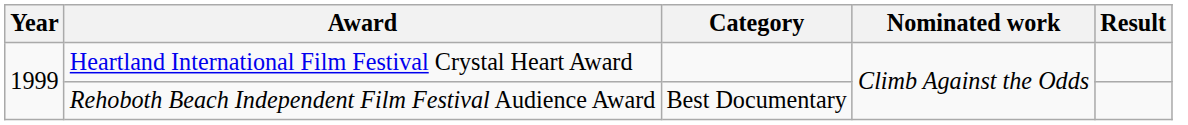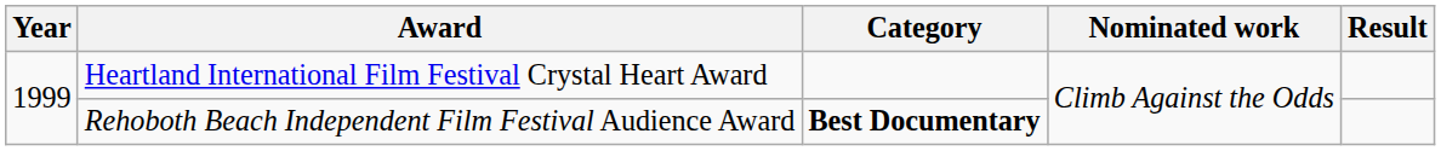 <table class="wikitable sortable">
 <tr>
 <th>Year</th>
 <th>Award</th>
 <th>Category</th>
 <th>Nominated work</th>
 <th class="wikitable unsortable">Result</th>
 </tr>
 <tr>
 <td rowspan="2">1999</td>
 <td><a href='#'>Heartland International Film Festival</a> Crystal Heart Award</td>
 <td></td>
 <td rowspan="2"><em>Climb Against the Odds</em></td>
 <td></td>
 </tr>
 <tr>
 <td><em>Rehoboth Beach Independent Film Festival</em> Audience Award</td>
-<td>Best Documentary</td>
+<td><strong>Best Documentary</strong></td>
 <td></td>
 </tr>
 </table>
